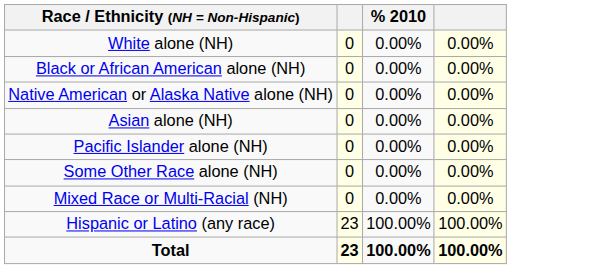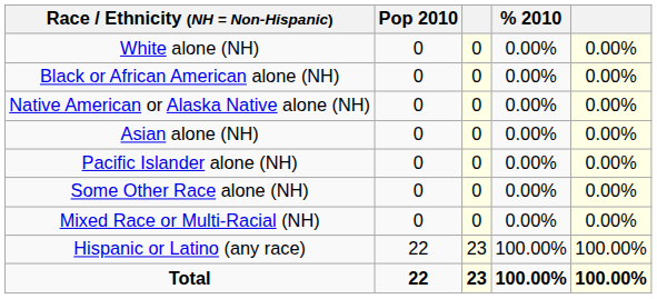 <table class="wikitable" style="text-align:center;">
 <tr>
 <th>Race / Ethnicity <small>(<em>NH = Non-Hispanic</em>)</small></th>
+<th>Pop 2010</th>
 <th></th>
 <th>% 2010</th>
 <th></th>
 </tr>
 <tr>
 <td><a href='#'>White</a> alone (NH)</td>
+<td>0</td>
 <td style='background: #ffffe6;'>0</td>
 <td>0.00%</td>
 <td style='background: #ffffe6;'>0.00%</td>
 </tr>
 <tr>
 <td><a href='#'>Black or African American</a> alone (NH)</td>
+<td>0</td>
 <td style='background: #ffffe6;'>0</td>
 <td>0.00%</td>
 <td style='background: #ffffe6;'>0.00%</td>
 </tr>
 <tr>
 <td><a href='#'>Native American</a> or <a href='#'>Alaska Native</a> alone (NH)</td>
+<td>0</td>
 <td style='background: #ffffe6;'>0</td>
 <td>0.00%</td>
 <td style='background: #ffffe6;'>0.00%</td>
 </tr>
 <tr>
 <td><a href='#'>Asian</a> alone (NH)</td>
+<td>0</td>
 <td style='background: #ffffe6;'>0</td>
 <td>0.00%</td>
 <td style='background: #ffffe6;'>0.00%</td>
 </tr>
 <tr>
 <td><a href='#'>Pacific Islander</a> alone (NH)</td>
+<td>0</td>
 <td style='background: #ffffe6;'>0</td>
 <td>0.00%</td>
 <td style='background: #ffffe6;'>0.00%</td>
 </tr>
 <tr>
 <td><a href='#'>Some Other Race</a> alone (NH)</td>
+<td>0</td>
 <td style='background: #ffffe6;'>0</td>
 <td>0.00%</td>
 <td style='background: #ffffe6;'>0.00%</td>
 </tr>
 <tr>
 <td><a href='#'>Mixed Race or Multi-Racial</a> (NH)</td>
+<td>0</td>
 <td style='background: #ffffe6;'>0</td>
 <td>0.00%</td>
 <td style='background: #ffffe6;'>0.00%</td>
 </tr>
 <tr>
 <td><a href='#'>Hispanic or Latino</a> (any race)</td>
+<td>22</td>
 <td style='background: #ffffe6;'>23</td>
 <td>100.00%</td>
 <td style='background: #ffffe6;'>100.00%</td>
 </tr>
 <tr>
 <td><strong>Total</strong></td>
+<td><strong>22</strong></td>
 <td style='background: #ffffe6;'><strong>23</strong></td>
 <td><strong>100.00%</strong></td>
 <td style='background: #ffffe6;'><strong>100.00%</strong></td>
 </tr>
 </table>
